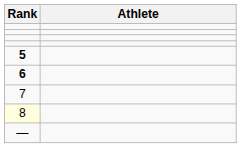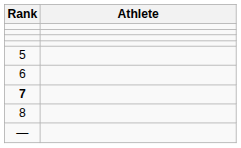 <table class="wikitable" style="text-align: center;">
 <tr>
 <th width=40>Rank</th>
 <th width=250>Athlete</th>
 </tr>
 <tr>
 <td></td>
 <td align="left"></td>
 </tr>
 <tr>
 <td></td>
 <td align="left"></td>
 </tr>
 <tr>
 <td></td>
 <td align="left"></td>
 </tr>
 <tr>
 <td></td>
 <td align="left"></td>
 </tr>
 <tr>
-<td><strong>5</strong></td>
+<td>5</td>
 <td align="left"></td>
 </tr>
 <tr>
-<td><strong>6</strong></td>
+<td>6</td>
 <td align="left"></td>
 </tr>
 <tr>
-<td>7</td>
+<td><strong>7</strong></td>
 <td align="left"></td>
 </tr>
 <tr>
-<td style="background: lightyellow;">8</td>
+<td>8</td>
 <td align="left"></td>
 </tr>
 <tr>
 <td>—</td>
 <td align="left"></td>
 </tr>
 </table>
